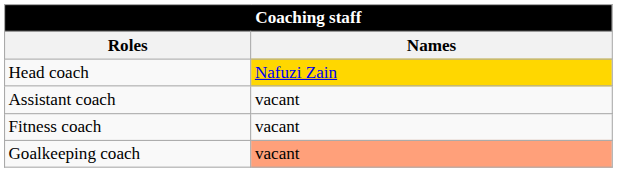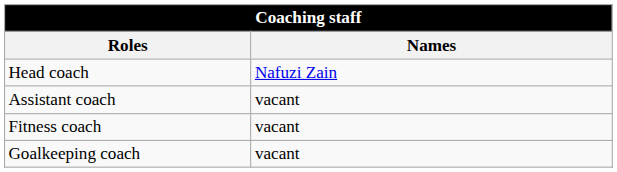 <table class="wikitable"  width=45% style="text-align: left;">
 <tr>
 <th colspan=5 style="background: #000000; color: #FFFFFF;">Coaching staff</th>
 </tr>
 <tr>
 <th width=100px>Roles</th>
 <th width=150px>Names</th>
 </tr>
 <tr>
 <td>Head coach</td>
-<td style="background: gold;"> <a href='#'>Nafuzi Zain</a></td>
+<td> <a href='#'>Nafuzi Zain</a></td>
 </tr>
 <tr>
 <td>Assistant coach</td>
 <td>vacant</td>
 </tr>
 <tr>
 <td>Fitness coach</td>
 <td>vacant</td>
 </tr>
 <tr>
 <td>Goalkeeping coach</td>
-<td style="background: lightsalmon;">vacant</td>
+<td>vacant</td>
 </tr>
 </table>
